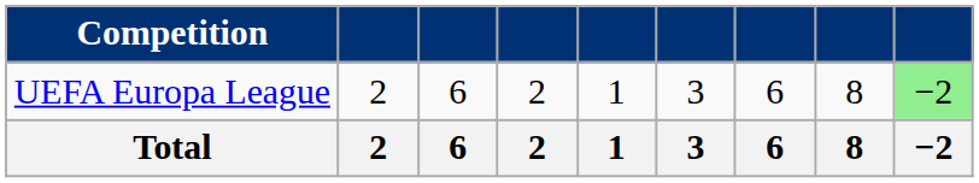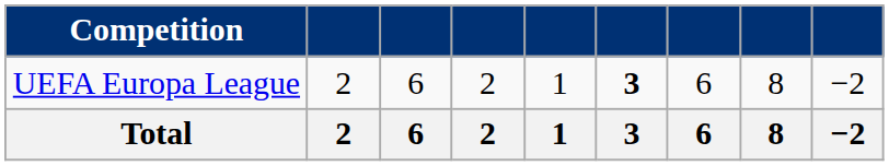 <table class="wikitable" style="text-align:center">
 <tr>
 <th style="background:#003174;color:#ffffff;">Competition</th>
 <th style="width:28px;background:#003174;color:#ffffff;"></th>
 <th style="width:28px;background:#003174;color:#ffffff;"></th>
 <th style="width:28px;background:#003174;color:#ffffff;"></th>
 <th style="width:28px;background:#003174;color:#ffffff;"></th>
 <th style="width:28px;background:#003174;color:#ffffff;"></th>
 <th style="width:28px;background:#003174;color:#ffffff;"></th>
 <th style="width:28px;background:#003174;color:#ffffff;"></th>
 <th style="width:28px;background:#003174;color:#ffffff;"></th>
 </tr>
 <tr>
 <td align=left><a href='#'>UEFA Europa League</a></td>
 <td>2</td>
 <td>6</td>
 <td>2</td>
 <td>1</td>
-<td>3</td>
+<td><strong>3</strong></td>
 <td>6</td>
 <td>8</td>
-<td style="background: lightgreen;">−2</td>
+<td>−2</td>
 </tr>
 <tr>
 <th>Total</th>
 <th>2</th>
 <th>6</th>
 <th>2</th>
 <th>1</th>
 <th>3</th>
 <th>6</th>
 <th>8</th>
 <th>−2</th>
 </tr>
 </table>
